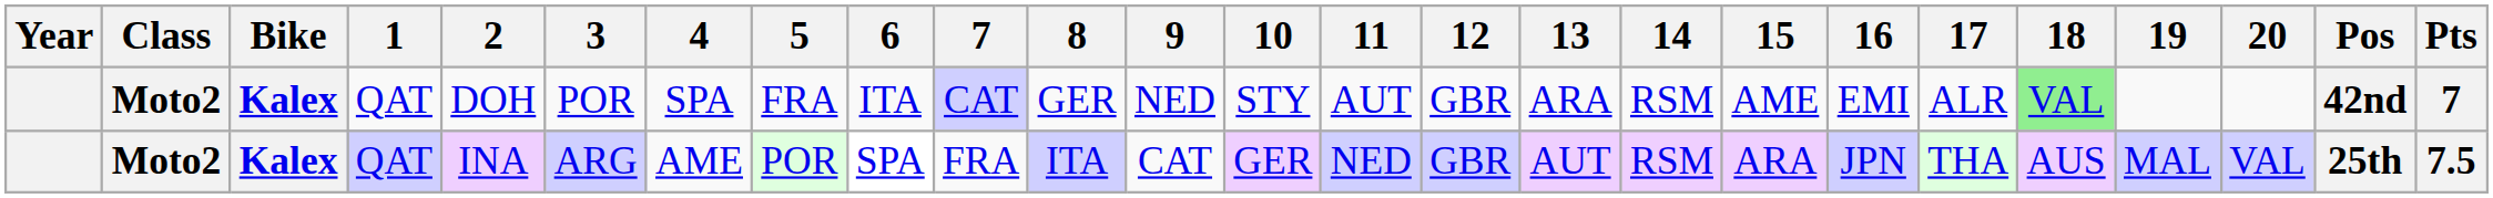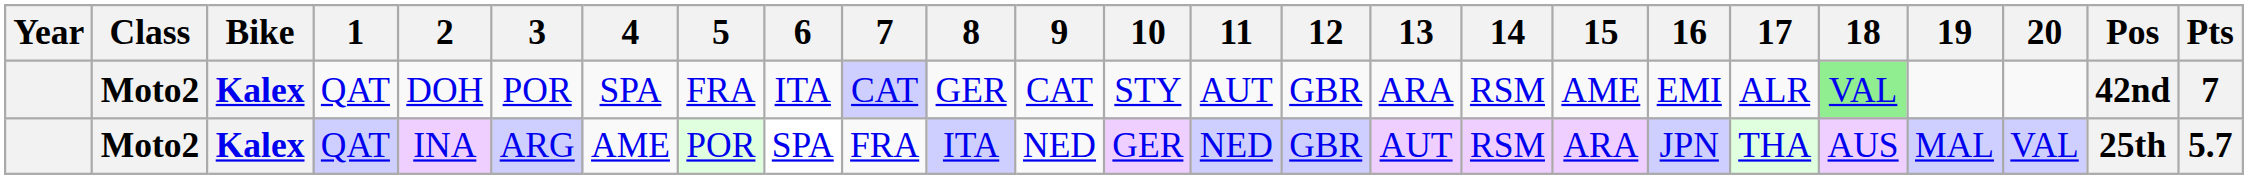 <table class="wikitable" style="text-align:center">
 <tr>
 <th>Year</th>
 <th>Class</th>
 <th>Bike</th>
 <th>1</th>
 <th>2</th>
 <th>3</th>
 <th>4</th>
 <th>5</th>
 <th>6</th>
 <th>7</th>
 <th>8</th>
 <th>9</th>
 <th>10</th>
 <th>11</th>
 <th>12</th>
 <th>13</th>
 <th>14</th>
 <th>15</th>
 <th>16</th>
 <th>17</th>
 <th>18</th>
 <th>19</th>
 <th>20</th>
 <th>Pos</th>
 <th>Pts</th>
 </tr>
 <tr>
 <th></th>
 <th>Moto2</th>
 <th><a href='#'>Kalex</a></th>
 <td><a href='#'>QAT</a></td>
 <td><a href='#'>DOH</a></td>
 <td><a href='#'>POR</a></td>
 <td><a href='#'>SPA</a></td>
 <td><a href='#'>FRA</a></td>
 <td><a href='#'>ITA</a></td>
 <td style="background:#cfcfff;"><a href='#'>CAT</a><br></td>
 <td><a href='#'>GER</a></td>
-<td><a href='#'>NED</a></td>
+<td><a href='#'>CAT</a></td>
 <td><a href='#'>STY</a></td>
 <td><a href='#'>AUT</a></td>
 <td><a href='#'>GBR</a></td>
 <td><a href='#'>ARA</a></td>
 <td><a href='#'>RSM</a></td>
 <td><a href='#'>AME</a></td>
 <td><a href='#'>EMI</a></td>
 <td><a href='#'>ALR</a></td>
 <td style="background: lightgreen;"><a href='#'>VAL</a></td>
 <td></td>
 <td></td>
 <th>42nd</th>
 <th>7</th>
 </tr>
 <tr>
 <th align="left"></th>
 <th align="left">Moto2</th>
 <th align="left"><a href='#'>Kalex</a></th>
 <td style="background:#cfcfff;"><a href='#'>QAT</a><br></td>
 <td style="background:#efcfff;"><a href='#'>INA</a><br></td>
 <td style="background:#cfcfff;"><a href='#'>ARG</a><br></td>
 <td><a href='#'>AME</a></td>
 <td style="background:#dfffdf;"><a href='#'>POR</a><br></td>
 <td style="background:#ffffff;"><a href='#'>SPA</a><br></td>
 <td><a href='#'>FRA</a></td>
 <td style="background:#cfcfff;"><a href='#'>ITA</a><br></td>
-<td><a href='#'>CAT</a></td>
+<td><a href='#'>NED</a></td>
 <td style="background:#efcfff;"><a href='#'>GER</a><br></td>
 <td style="background:#cfcfff;"><a href='#'>NED</a><br></td>
 <td style="background:#cfcfff;"><a href='#'>GBR</a><br></td>
 <td style="background:#efcfff;"><a href='#'>AUT</a><br></td>
 <td style="background:#efcfff;"><a href='#'>RSM</a><br></td>
 <td style="background:#efcfff;"><a href='#'>ARA</a><br></td>
 <td style="background:#cfcfff;"><a href='#'>JPN</a><br></td>
 <td style="background:#dfffdf;"><a href='#'>THA</a><br></td>
 <td style="background:#efcfff;"><a href='#'>AUS</a><br></td>
 <td style="background:#cfcfff;"><a href='#'>MAL</a><br></td>
 <td style="background:#cfcfff;"><a href='#'>VAL</a><br></td>
 <th>25th</th>
-<th>7.5</th>
+<th>5.7</th>
 </tr>
 </table>
